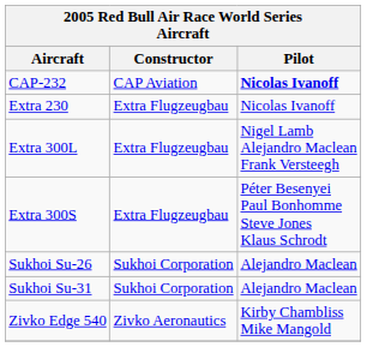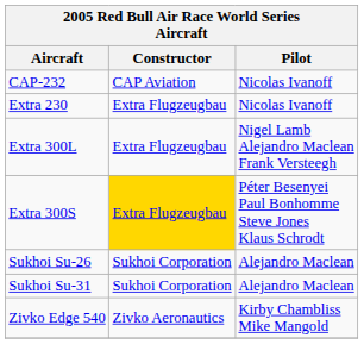 <table class="wikitable">
 <tr>
 <th colspan="12" align="center">2005 Red Bull Air Race World Series<br>Aircraft</th>
 </tr>
 <tr>
 <th>Aircraft</th>
 <th>Constructor</th>
 <th>Pilot</th>
 </tr>
 <tr>
 <td><a href='#'>CAP-232</a></td>
 <td> <a href='#'>CAP Aviation</a></td>
-<td><strong> <a href='#'>Nicolas Ivanoff</a></strong></td>
+<td> <a href='#'>Nicolas Ivanoff</a></td>
 </tr>
 <tr>
 <td><a href='#'>Extra 230</a></td>
 <td> <a href='#'>Extra Flugzeugbau</a></td>
 <td> <a href='#'>Nicolas Ivanoff</a></td>
 </tr>
 <tr>
 <td><a href='#'>Extra 300L</a></td>
 <td> <a href='#'>Extra Flugzeugbau</a></td>
 <td> <a href='#'>Nigel Lamb</a><br> <a href='#'>Alejandro Maclean</a><br> <a href='#'>Frank Versteegh</a></td>
 </tr>
 <tr>
 <td><a href='#'>Extra 300S</a></td>
-<td> <a href='#'>Extra Flugzeugbau</a></td>
+<td style="background: gold;"> <a href='#'>Extra Flugzeugbau</a></td>
 <td> <a href='#'>Péter Besenyei</a><br>  <a href='#'>Paul Bonhomme</a><br> <a href='#'>Steve Jones</a><br> <a href='#'>Klaus Schrodt</a></td>
 </tr>
 <tr>
 <td><a href='#'>Sukhoi Su-26</a></td>
 <td> <a href='#'>Sukhoi Corporation</a></td>
 <td> <a href='#'>Alejandro Maclean</a></td>
 </tr>
 <tr>
 <td><a href='#'>Sukhoi Su-31</a></td>
 <td> <a href='#'>Sukhoi Corporation</a></td>
 <td> <a href='#'>Alejandro Maclean</a></td>
 </tr>
 <tr>
 <td><a href='#'>Zivko Edge 540</a></td>
 <td> <a href='#'>Zivko Aeronautics</a></td>
 <td> <a href='#'>Kirby Chambliss</a><br> <a href='#'>Mike Mangold</a></td>
 </tr>
 <tr>
 </tr>
 </table>
